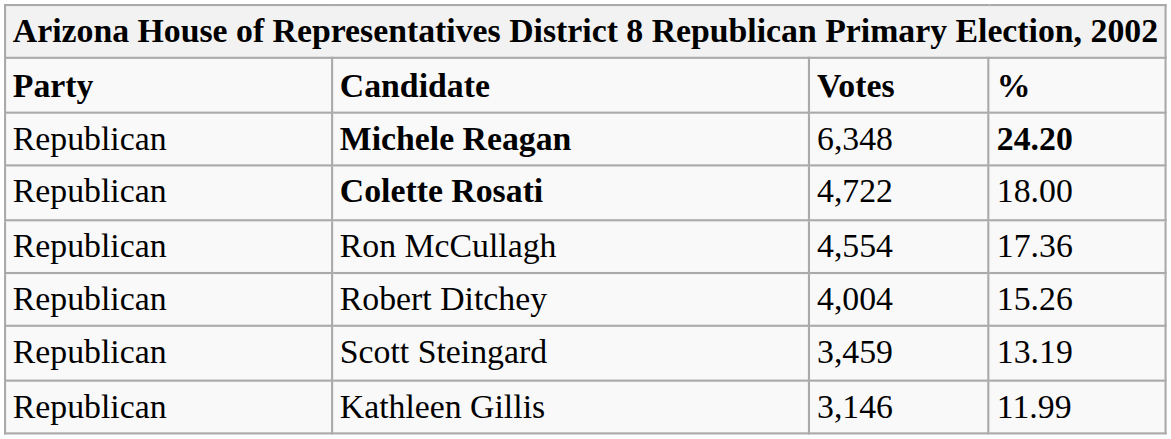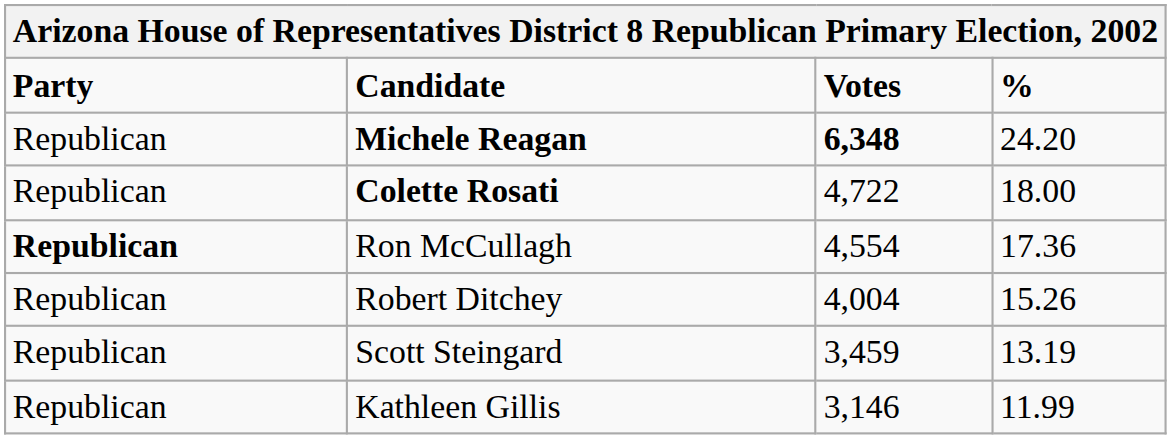 <table class="wikitable">
 <tr>
 <th colspan="4">Arizona House of Representatives District 8 Republican Primary Election, 2002</th>
 </tr>
 <tr>
 <td><strong>Party</strong></td>
 <td><strong>Candidate</strong></td>
 <td><strong>Votes</strong></td>
 <td><strong>%</strong></td>
 </tr>
 <tr>
 <td>Republican</td>
 <td><strong>Michele Reagan</strong></td>
-<td>6,348</td>
-<td><strong>24.20</strong></td>
+<td><strong>6,348</strong></td>
+<td>24.20</td>
 </tr>
 <tr>
 <td>Republican</td>
 <td><strong>Colette Rosati</strong></td>
 <td>4,722</td>
 <td>18.00</td>
 </tr>
 <tr>
-<td>Republican</td>
+<td><strong>Republican</strong></td>
 <td>Ron McCullagh</td>
 <td>4,554</td>
 <td>17.36</td>
 </tr>
 <tr>
 <td>Republican</td>
 <td>Robert Ditchey</td>
 <td>4,004</td>
 <td>15.26</td>
 </tr>
 <tr>
 <td>Republican</td>
 <td>Scott Steingard</td>
 <td>3,459</td>
 <td>13.19</td>
 </tr>
 <tr>
 <td>Republican</td>
 <td>Kathleen Gillis</td>
 <td>3,146</td>
 <td>11.99</td>
 </tr>
 </table>
